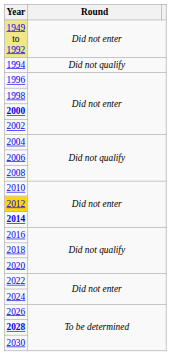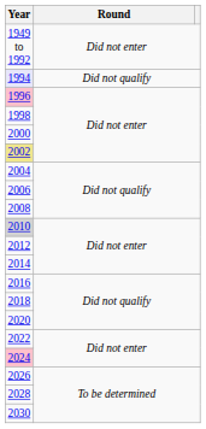 <table class="wikitable" style="text-align: center; font-size:90%">
 <tr>
 <th>Year</th>
 <th style="width:200px">Round</th>
 <th></th>
 </tr>
 <tr>
-<td style="background: khaki;"><a href='#'>1949</a><br>to<br><a href='#'>1992</a></td>
+<td><a href='#'>1949</a><br>to<br><a href='#'>1992</a></td>
 <td colspan="2"><em>Did not enter</em></td>
 </tr>
 <tr>
-<td><a href='#'>1994</a></td>
+<td style="background: lavender;"><a href='#'>1994</a></td>
 <td colspan="2"><em>Did not qualify</em></td>
 </tr>
 <tr>
-<td><a href='#'>1996</a></td>
+<td style="background: pink;"><a href='#'>1996</a></td>
 <td colspan="2" rowspan="4"><em>Did not enter</em></td>
 </tr>
 <tr>
 <td><a href='#'>1998</a></td>
 </tr>
 <tr>
-<td><strong><a href='#'>2000</a></strong></td>
+<td><a href='#'>2000</a></td>
 </tr>
 <tr>
-<td><a href='#'>2002</a></td>
+<td style="background: khaki;"><a href='#'>2002</a></td>
 </tr>
 <tr>
 <td><a href='#'>2004</a></td>
 <td colspan="2" rowspan="3"><em>Did not qualify</em></td>
 </tr>
 <tr>
 <td><a href='#'>2006</a></td>
 </tr>
 <tr>
 <td><a href='#'>2008</a></td>
 </tr>
 <tr>
-<td><a href='#'>2010</a></td>
+<td style="background: lightgrey;"><a href='#'>2010</a></td>
 <td colspan="2" rowspan="3"><em>Did not enter</em></td>
 </tr>
 <tr>
-<td style="background: gold;"><a href='#'>2012</a></td>
+<td><a href='#'>2012</a></td>
 </tr>
 <tr>
-<td><strong><a href='#'>2014</a></strong></td>
+<td><a href='#'>2014</a></td>
 </tr>
 <tr>
 <td><a href='#'>2016</a></td>
 <td colspan="2" rowspan="3"><em>Did not qualify</em></td>
 </tr>
 <tr>
 <td><a href='#'>2018</a></td>
 </tr>
 <tr>
 <td><a href='#'>2020</a></td>
 </tr>
 <tr>
 <td><a href='#'>2022</a></td>
 <td colspan="2" rowspan="2"><em>Did not enter</em></td>
 </tr>
 <tr>
-<td><a href='#'>2024</a></td>
+<td style="background: pink;"><a href='#'>2024</a></td>
 </tr>
 <tr>
 <td><a href='#'>2026</a></td>
 <td colspan="2" rowspan="3"><em>To be determined</em></td>
 </tr>
 <tr>
-<td><strong><a href='#'>2028</a></strong></td>
+<td><a href='#'>2028</a></td>
 </tr>
 <tr>
 <td><a href='#'>2030</a></td>
 </tr>
 </table>
